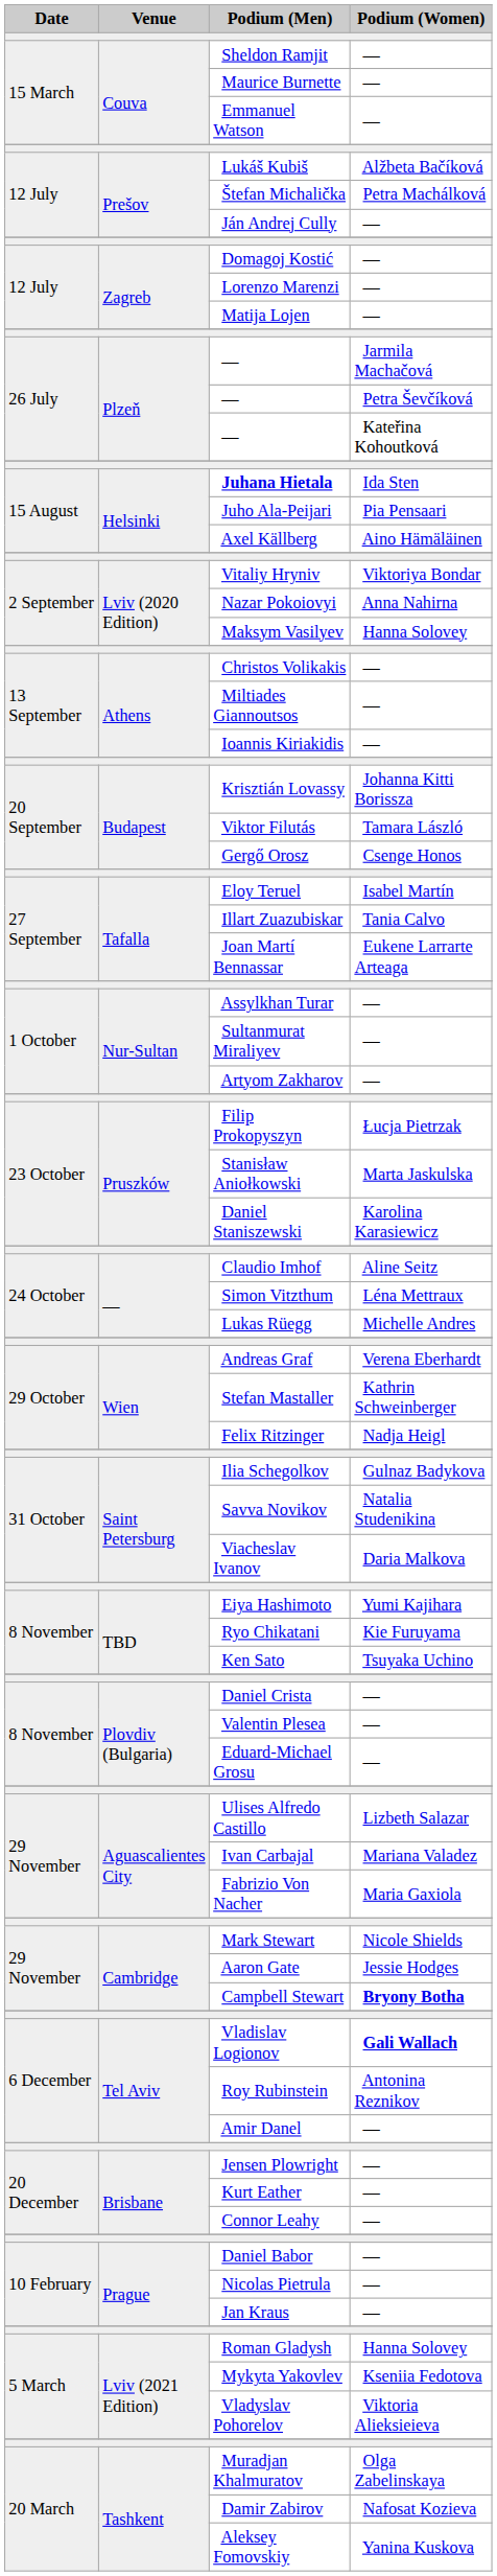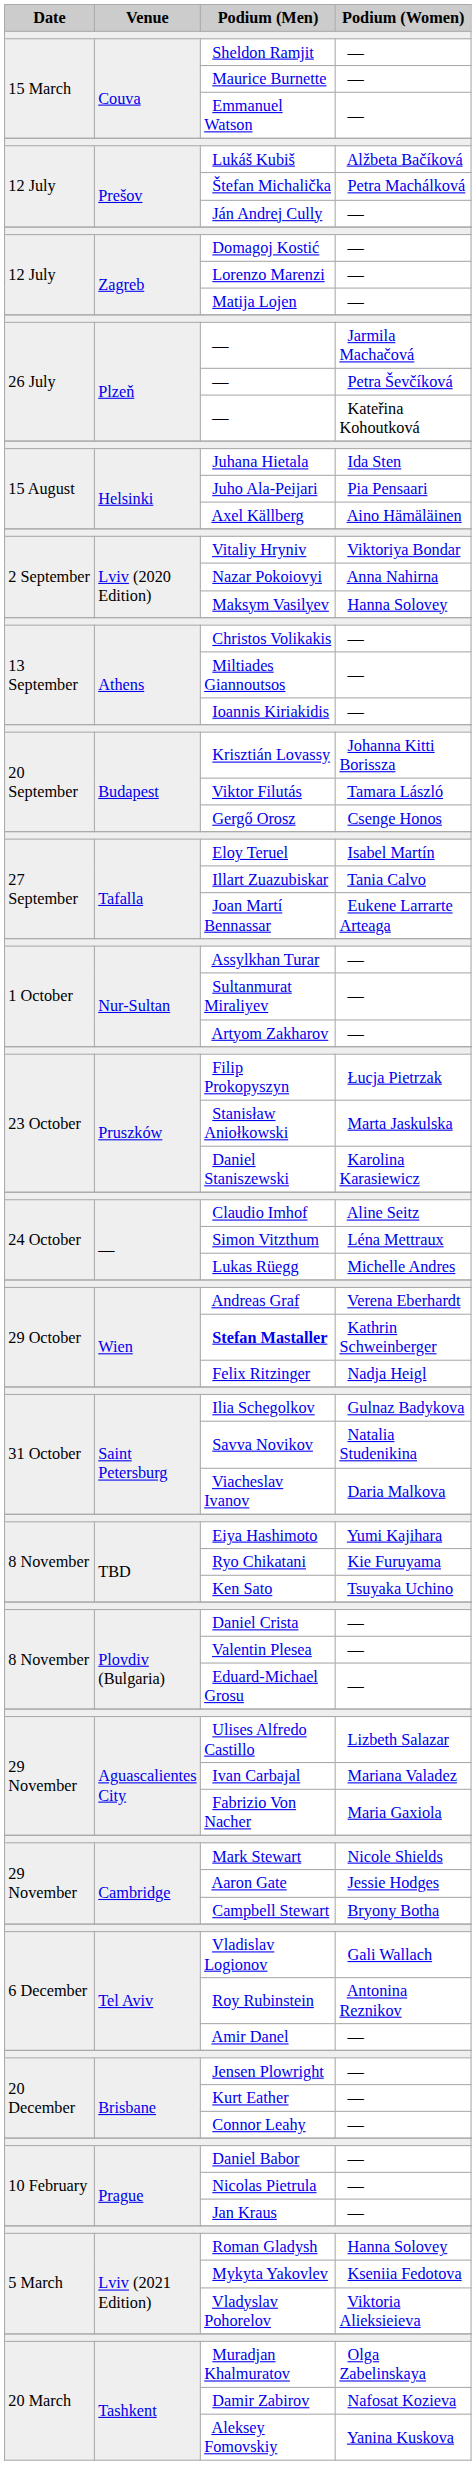 <table class="wikitable" width=70% bgcolor="#f7f8ff" cellpadding="3" cellspacing="0" border="1" style="font-size: 95%; border: gray solid 1px; border-collapse: collapse;">
 <tr bgcolor="#CCCCCC">
 <td align="center"><strong>Date</strong></td>
 <td width=20% align="center"><strong>Venue</strong></td>
 <td width=29% align="center"><strong>Podium (Men)</strong></td>
 <td width=29% align="center"><strong>Podium (Women)</strong></td>
 </tr>
 <tr bgcolor="#EFEFEF">
 <td colspan=4></td>
 </tr>
 <tr bgcolor="#EFEFEF">
 <td rowspan=3>15 March</td>
 <td rowspan=3><br><a href='#'>Couva</a></td>
 <td bgcolor="#ffffff">   <a href='#'>Sheldon Ramjit</a></td>
 <td bgcolor="#ffffff">   —</td>
 </tr>
 <tr>
 <td bgcolor="#ffffff">   <a href='#'>Maurice Burnette</a></td>
 <td bgcolor="#ffffff">   —</td>
 </tr>
 <tr>
 <td bgcolor="#ffffff">   <a href='#'>Emmanuel Watson</a></td>
 <td bgcolor="#ffffff">   —</td>
 </tr>
 <tr>
 </tr>
 <tr bgcolor="#EFEFEF">
 <td colspan=4></td>
 </tr>
 <tr bgcolor="#EFEFEF">
 <td rowspan=3>12 July</td>
 <td rowspan=3><br><a href='#'>Prešov</a></td>
 <td bgcolor="#ffffff">   <a href='#'>Lukáš Kubiš</a></td>
 <td bgcolor="#ffffff">   <a href='#'>Alžbeta Bačíková</a></td>
 </tr>
 <tr>
 <td bgcolor="#ffffff">   <a href='#'>Štefan Michalička</a></td>
 <td bgcolor="#ffffff">   <a href='#'>Petra Machálková</a></td>
 </tr>
 <tr>
 <td bgcolor="#ffffff">   <a href='#'>Ján Andrej Cully</a></td>
 <td bgcolor="#ffffff">   —</td>
 </tr>
 <tr>
 </tr>
 <tr bgcolor="#EFEFEF">
 <td colspan=4></td>
 </tr>
 <tr bgcolor="#EFEFEF">
 <td rowspan=3>12 July</td>
 <td rowspan=3><br><a href='#'>Zagreb</a></td>
 <td bgcolor="#ffffff">   <a href='#'>Domagoj Kostić</a></td>
 <td bgcolor="#ffffff">   —</td>
 </tr>
 <tr>
 <td bgcolor="#ffffff">   <a href='#'>Lorenzo Marenzi</a></td>
 <td bgcolor="#ffffff">   —</td>
 </tr>
 <tr>
 <td bgcolor="#ffffff">   <a href='#'>Matija Lojen</a></td>
 <td bgcolor="#ffffff">   —</td>
 </tr>
 <tr>
 </tr>
 <tr bgcolor="#EFEFEF">
 <td colspan=4></td>
 </tr>
 <tr bgcolor="#EFEFEF">
 <td rowspan=3>26 July</td>
 <td rowspan=3><br><a href='#'>Plzeň</a></td>
 <td bgcolor="#ffffff">   —</td>
 <td bgcolor="#ffffff">   <a href='#'>Jarmila Machačová</a></td>
 </tr>
 <tr>
 <td bgcolor="#ffffff">   —</td>
 <td bgcolor="#ffffff">   <a href='#'>Petra Ševčíková</a></td>
 </tr>
 <tr>
 <td bgcolor="#ffffff">   —</td>
 <td bgcolor="#ffffff">   Kateřina Kohoutková</td>
 </tr>
 <tr>
 </tr>
 <tr bgcolor="#EFEFEF">
 <td colspan=4></td>
 </tr>
 <tr bgcolor="#EFEFEF">
 <td rowspan=3>15 August</td>
 <td rowspan=3><br><a href='#'>Helsinki</a></td>
-<td bgcolor="#ffffff"><strong>   <a href='#'>Juhana Hietala</a></strong></td>
+<td bgcolor="#ffffff">   <a href='#'>Juhana Hietala</a></td>
 <td bgcolor="#ffffff">   <a href='#'>Ida Sten</a></td>
 </tr>
 <tr>
 <td bgcolor="#ffffff">   <a href='#'>Juho Ala-Peijari</a></td>
 <td bgcolor="#ffffff">   <a href='#'>Pia Pensaari</a></td>
 </tr>
 <tr>
 <td bgcolor="#ffffff">   <a href='#'>Axel Källberg</a></td>
 <td bgcolor="#ffffff">   <a href='#'>Aino Hämäläinen</a></td>
 </tr>
 <tr>
 </tr>
 <tr bgcolor="#EFEFEF">
 <td colspan=4></td>
 </tr>
 <tr bgcolor="#EFEFEF">
 <td rowspan=3>2 September</td>
 <td rowspan=3><br><a href='#'>Lviv</a> (2020 Edition)</td>
 <td bgcolor="#ffffff">   <a href='#'>Vitaliy Hryniv</a></td>
 <td bgcolor="#ffffff">   <a href='#'>Viktoriya Bondar</a></td>
 </tr>
 <tr>
 <td bgcolor="#ffffff">   <a href='#'>Nazar Pokoiovyi</a></td>
 <td bgcolor="#ffffff">   <a href='#'>Anna Nahirna</a></td>
 </tr>
 <tr>
 <td bgcolor="#ffffff">   <a href='#'>Maksym Vasilyev</a></td>
 <td bgcolor="#ffffff">   <a href='#'>Hanna Solovey</a></td>
 </tr>
 <tr>
 </tr>
 <tr bgcolor="#EFEFEF">
 <td colspan=4></td>
 </tr>
 <tr bgcolor="#EFEFEF">
 <td rowspan=3>13 September</td>
 <td rowspan=3><br><a href='#'>Athens</a></td>
 <td bgcolor="#ffffff">   <a href='#'>Christos Volikakis</a></td>
 <td bgcolor="#ffffff">   —</td>
 </tr>
 <tr>
 <td bgcolor="#ffffff">   <a href='#'>Miltiades Giannoutsos</a></td>
 <td bgcolor="#ffffff">   —</td>
 </tr>
 <tr>
 <td bgcolor="#ffffff">   <a href='#'>Ioannis Kiriakidis</a></td>
 <td bgcolor="#ffffff">   —</td>
 </tr>
 <tr>
 </tr>
 <tr bgcolor="#EFEFEF">
 <td colspan=4></td>
 </tr>
 <tr bgcolor="#EFEFEF">
 <td rowspan=3>20 September</td>
 <td rowspan=3><br><a href='#'>Budapest</a></td>
 <td bgcolor="#ffffff">   <a href='#'>Krisztián Lovassy</a></td>
 <td bgcolor="#ffffff">   <a href='#'>Johanna Kitti Borissza</a></td>
 </tr>
 <tr>
 <td bgcolor="#ffffff">   <a href='#'>Viktor Filutás</a></td>
 <td bgcolor="#ffffff">   <a href='#'>Tamara László</a></td>
 </tr>
 <tr>
 <td bgcolor="#ffffff">   <a href='#'>Gergő Orosz</a></td>
 <td bgcolor="#ffffff">   <a href='#'>Csenge Honos</a></td>
 </tr>
 <tr>
 </tr>
 <tr bgcolor="#EFEFEF">
 <td colspan=4></td>
 </tr>
 <tr bgcolor="#EFEFEF">
 <td rowspan=3>27 September</td>
 <td rowspan=3><br><a href='#'>Tafalla</a></td>
 <td bgcolor="#ffffff">   <a href='#'>Eloy Teruel</a></td>
 <td bgcolor="#ffffff">   <a href='#'>Isabel Martín</a></td>
 </tr>
 <tr>
 <td bgcolor="#ffffff">   <a href='#'>Illart Zuazubiskar</a></td>
 <td bgcolor="#ffffff">   <a href='#'>Tania Calvo</a></td>
 </tr>
 <tr>
 <td bgcolor="#ffffff">   <a href='#'>Joan Martí Bennassar</a></td>
 <td bgcolor="#ffffff">   <a href='#'>Eukene Larrarte Arteaga</a></td>
 </tr>
 <tr>
 </tr>
 <tr bgcolor="#EFEFEF">
 <td colspan=4></td>
 </tr>
 <tr bgcolor="#EFEFEF">
 <td rowspan=3>1 October</td>
 <td rowspan=3><br><a href='#'>Nur-Sultan</a></td>
 <td bgcolor="#ffffff">   <a href='#'>Assylkhan Turar</a></td>
 <td bgcolor="#ffffff">   —</td>
 </tr>
 <tr>
 <td bgcolor="#ffffff">   <a href='#'>Sultanmurat Miraliyev</a></td>
 <td bgcolor="#ffffff">   —</td>
 </tr>
 <tr>
 <td bgcolor="#ffffff">   <a href='#'>Artyom Zakharov</a></td>
 <td bgcolor="#ffffff">   —</td>
 </tr>
 <tr>
 </tr>
 <tr bgcolor="#EFEFEF">
 <td colspan=4></td>
 </tr>
 <tr bgcolor="#EFEFEF">
 <td rowspan=3>23 October</td>
 <td rowspan=3><br><a href='#'>Pruszków</a></td>
 <td bgcolor="#ffffff">   <a href='#'>Filip Prokopyszyn</a></td>
 <td bgcolor="#ffffff">   <a href='#'>Łucja Pietrzak</a></td>
 </tr>
 <tr>
 <td bgcolor="#ffffff">   <a href='#'>Stanisław Aniołkowski</a></td>
 <td bgcolor="#ffffff">   <a href='#'>Marta Jaskulska</a></td>
 </tr>
 <tr>
 <td bgcolor="#ffffff">   <a href='#'>Daniel Staniszewski</a></td>
 <td bgcolor="#ffffff">   <a href='#'>Karolina Karasiewicz</a></td>
 </tr>
 <tr>
 </tr>
 <tr bgcolor="#EFEFEF">
 <td colspan=4></td>
 </tr>
 <tr bgcolor="#EFEFEF">
 <td rowspan=3>24 October</td>
 <td rowspan=3><br>—</td>
 <td bgcolor="#ffffff">   <a href='#'>Claudio Imhof</a></td>
 <td bgcolor="#ffffff">   <a href='#'>Aline Seitz</a></td>
 </tr>
 <tr>
 <td bgcolor="#ffffff">   <a href='#'>Simon Vitzthum</a></td>
 <td bgcolor="#ffffff">   <a href='#'>Léna Mettraux</a></td>
 </tr>
 <tr>
 <td bgcolor="#ffffff">   <a href='#'>Lukas Rüegg</a></td>
 <td bgcolor="#ffffff">   <a href='#'>Michelle Andres</a></td>
 </tr>
 <tr>
 </tr>
 <tr bgcolor="#EFEFEF">
 <td colspan=4></td>
 </tr>
 <tr bgcolor="#EFEFEF">
 <td rowspan=3>29 October</td>
 <td rowspan=3><br><a href='#'>Wien</a></td>
 <td bgcolor="#ffffff">   <a href='#'>Andreas Graf</a></td>
 <td bgcolor="#ffffff">   <a href='#'>Verena Eberhardt</a></td>
 </tr>
 <tr>
-<td bgcolor="#ffffff">   <a href='#'>Stefan Mastaller</a></td>
+<td bgcolor="#ffffff"><strong>   <a href='#'>Stefan Mastaller</a></strong></td>
 <td bgcolor="#ffffff">   <a href='#'>Kathrin Schweinberger</a></td>
 </tr>
 <tr>
 <td bgcolor="#ffffff">   <a href='#'>Felix Ritzinger</a></td>
 <td bgcolor="#ffffff">   <a href='#'>Nadja Heigl</a></td>
 </tr>
 <tr>
 </tr>
 <tr bgcolor="#EFEFEF">
 <td colspan=4></td>
 </tr>
 <tr bgcolor="#EFEFEF">
 <td rowspan=3>31 October</td>
 <td rowspan=3><br><a href='#'>Saint Petersburg</a></td>
 <td bgcolor="#ffffff">   <a href='#'>Ilia Schegolkov</a></td>
 <td bgcolor="#ffffff">   <a href='#'>Gulnaz Badykova</a></td>
 </tr>
 <tr>
 <td bgcolor="#ffffff">   <a href='#'>Savva Novikov</a></td>
 <td bgcolor="#ffffff">   <a href='#'>Natalia Studenikina</a></td>
 </tr>
 <tr>
 <td bgcolor="#ffffff">   <a href='#'>Viacheslav Ivanov</a></td>
 <td bgcolor="#ffffff">   <a href='#'>Daria Malkova</a></td>
 </tr>
 <tr>
 </tr>
 <tr bgcolor="#EFEFEF">
 <td colspan=4></td>
 </tr>
 <tr bgcolor="#EFEFEF">
 <td rowspan=3>8 November</td>
 <td rowspan=3><br>TBD</td>
 <td bgcolor="#ffffff">   <a href='#'>Eiya Hashimoto</a></td>
 <td bgcolor="#ffffff">   <a href='#'>Yumi Kajihara</a></td>
 </tr>
 <tr>
 <td bgcolor="#ffffff">   <a href='#'>Ryo Chikatani</a></td>
 <td bgcolor="#ffffff">   <a href='#'>Kie Furuyama</a></td>
 </tr>
 <tr>
 <td bgcolor="#ffffff">   <a href='#'>Ken Sato</a></td>
 <td bgcolor="#ffffff">   <a href='#'>Tsuyaka Uchino</a></td>
 </tr>
 <tr>
 </tr>
 <tr bgcolor="#EFEFEF">
 <td colspan=4></td>
 </tr>
 <tr bgcolor="#EFEFEF">
 <td rowspan=3>8 November</td>
 <td rowspan=3><br><a href='#'>Plovdiv</a> (Bulgaria)</td>
 <td bgcolor="#ffffff">   <a href='#'>Daniel Crista</a></td>
 <td bgcolor="#ffffff">   —</td>
 </tr>
 <tr>
 <td bgcolor="#ffffff">   <a href='#'>Valentin Plesea</a></td>
 <td bgcolor="#ffffff">   —</td>
 </tr>
 <tr>
 <td bgcolor="#ffffff">   <a href='#'>Eduard-Michael Grosu</a></td>
 <td bgcolor="#ffffff">   —</td>
 </tr>
 <tr>
 </tr>
 <tr bgcolor="#EFEFEF">
 <td colspan=4></td>
 </tr>
 <tr bgcolor="#EFEFEF">
 <td rowspan=3>29 November</td>
 <td rowspan=3><br><a href='#'>Aguascalientes City</a></td>
 <td bgcolor="#ffffff">   <a href='#'>Ulises Alfredo Castillo</a></td>
 <td bgcolor="#ffffff">   <a href='#'>Lizbeth Salazar</a></td>
 </tr>
 <tr>
 <td bgcolor="#ffffff">   <a href='#'>Ivan Carbajal</a></td>
 <td bgcolor="#ffffff">   <a href='#'>Mariana Valadez</a></td>
 </tr>
 <tr>
 <td bgcolor="#ffffff">   <a href='#'>Fabrizio Von Nacher</a></td>
 <td bgcolor="#ffffff">   <a href='#'>Maria Gaxiola</a></td>
 </tr>
 <tr>
 </tr>
 <tr bgcolor="#EFEFEF">
 <td colspan=4></td>
 </tr>
 <tr bgcolor="#EFEFEF">
 <td rowspan=3>29 November</td>
 <td rowspan=3><br><a href='#'>Cambridge</a></td>
 <td bgcolor="#ffffff">   <a href='#'>Mark Stewart</a></td>
 <td bgcolor="#ffffff">   <a href='#'>Nicole Shields</a></td>
 </tr>
 <tr>
 <td bgcolor="#ffffff">   <a href='#'>Aaron Gate</a></td>
 <td bgcolor="#ffffff">   <a href='#'>Jessie Hodges</a></td>
 </tr>
 <tr>
 <td bgcolor="#ffffff">   <a href='#'>Campbell Stewart</a></td>
-<td bgcolor="#ffffff"><strong>   <a href='#'>Bryony Botha</a></strong></td>
+<td bgcolor="#ffffff">   <a href='#'>Bryony Botha</a></td>
 </tr>
 <tr>
 </tr>
 <tr bgcolor="#EFEFEF">
 <td colspan=4></td>
 </tr>
 <tr bgcolor="#EFEFEF">
 <td rowspan=3>6 December</td>
 <td rowspan=3><br><a href='#'>Tel Aviv</a></td>
 <td bgcolor="#ffffff">   <a href='#'>Vladislav Logionov</a></td>
-<td bgcolor="#ffffff"><strong>   <a href='#'>Gali Wallach</a></strong></td>
+<td bgcolor="#ffffff">   <a href='#'>Gali Wallach</a></td>
 </tr>
 <tr>
 <td bgcolor="#ffffff">   <a href='#'>Roy Rubinstein</a></td>
 <td bgcolor="#ffffff">   <a href='#'>Antonina Reznikov</a></td>
 </tr>
 <tr>
 <td bgcolor="#ffffff">   <a href='#'>Amir Danel</a></td>
 <td bgcolor="#ffffff">   —</td>
 </tr>
 <tr>
 </tr>
 <tr bgcolor="#EFEFEF">
 <td colspan=4></td>
 </tr>
 <tr bgcolor="#EFEFEF">
 <td rowspan=3>20 December</td>
 <td rowspan=3><br><a href='#'>Brisbane</a></td>
 <td bgcolor="#ffffff">   <a href='#'>Jensen Plowright</a></td>
 <td bgcolor="#ffffff">   —</td>
 </tr>
 <tr>
 <td bgcolor="#ffffff">   <a href='#'>Kurt Eather</a></td>
 <td bgcolor="#ffffff">   —</td>
 </tr>
 <tr>
 <td bgcolor="#ffffff">   <a href='#'>Connor Leahy</a></td>
 <td bgcolor="#ffffff">   —</td>
 </tr>
 <tr>
 </tr>
 <tr bgcolor="#EFEFEF">
 <td colspan=4></td>
 </tr>
 <tr bgcolor="#EFEFEF">
 <td rowspan=3>10 February</td>
 <td rowspan=3><br><a href='#'>Prague</a></td>
 <td bgcolor="#ffffff">   <a href='#'>Daniel Babor</a></td>
 <td bgcolor="#ffffff">   —</td>
 </tr>
 <tr>
 <td bgcolor="#ffffff">   <a href='#'>Nicolas Pietrula</a></td>
 <td bgcolor="#ffffff">   —</td>
 </tr>
 <tr>
 <td bgcolor="#ffffff">   <a href='#'>Jan Kraus</a></td>
 <td bgcolor="#ffffff">   —</td>
 </tr>
 <tr>
 </tr>
 <tr bgcolor="#EFEFEF">
 <td colspan=4></td>
 </tr>
 <tr bgcolor="#EFEFEF">
 <td rowspan=3>5 March</td>
 <td rowspan=3><br><a href='#'>Lviv</a> (2021 Edition)</td>
 <td bgcolor="#ffffff">   <a href='#'>Roman Gladysh</a></td>
 <td bgcolor="#ffffff">   <a href='#'>Hanna Solovey</a></td>
 </tr>
 <tr>
 <td bgcolor="#ffffff">   <a href='#'>Mykyta Yakovlev</a></td>
 <td bgcolor="#ffffff">   <a href='#'>Kseniia Fedotova</a></td>
 </tr>
 <tr>
 <td bgcolor="#ffffff">   <a href='#'>Vladyslav Pohorelov</a></td>
 <td bgcolor="#ffffff">   <a href='#'>Viktoria Alieksieieva</a></td>
 </tr>
 <tr>
 </tr>
 <tr bgcolor="#EFEFEF">
 <td colspan=4></td>
 </tr>
 <tr bgcolor="#EFEFEF">
 <td rowspan=3>20 March</td>
 <td rowspan=3><br><a href='#'>Tashkent</a></td>
 <td bgcolor="#ffffff">   <a href='#'>Muradjan Khalmuratov</a></td>
 <td bgcolor="#ffffff">   <a href='#'>Olga Zabelinskaya</a></td>
 </tr>
 <tr>
 <td bgcolor="#ffffff">   <a href='#'>Damir Zabirov</a></td>
 <td bgcolor="#ffffff">   <a href='#'>Nafosat Kozieva</a></td>
 </tr>
 <tr>
 <td bgcolor="#ffffff">   <a href='#'>Aleksey Fomovskiy</a></td>
 <td bgcolor="#ffffff">   <a href='#'>Yanina Kuskova</a></td>
 </tr>
 </table>
